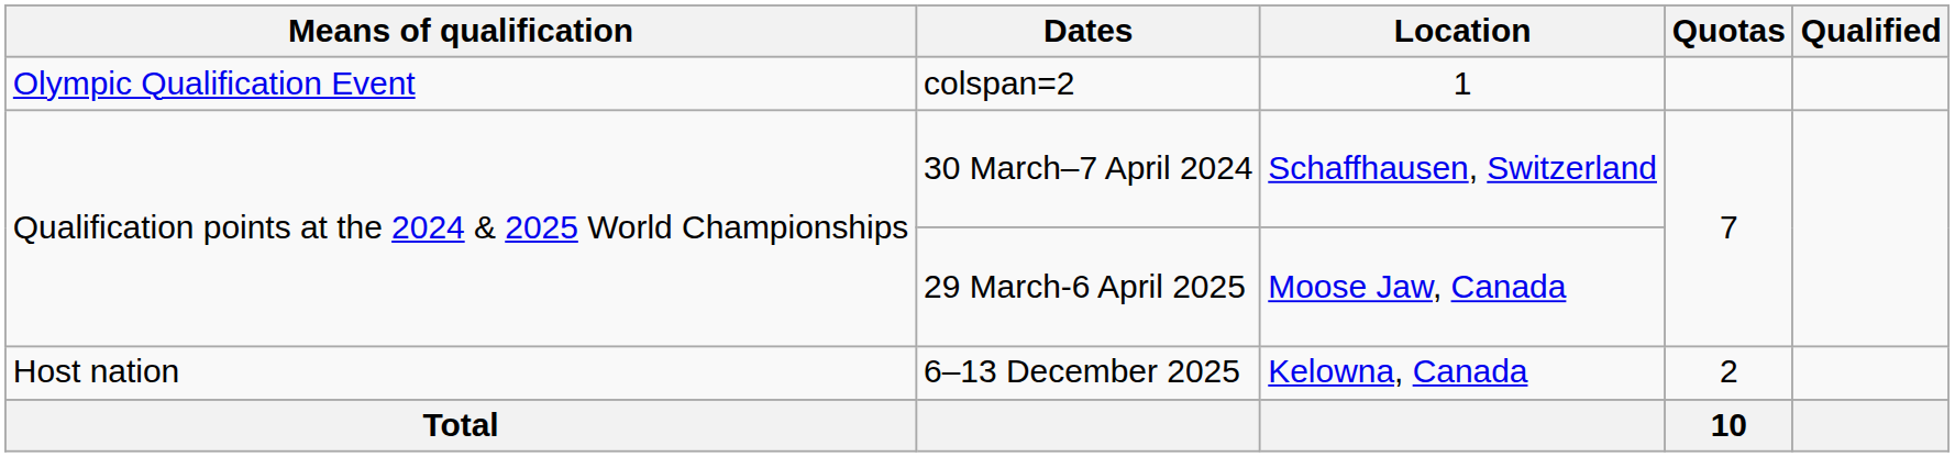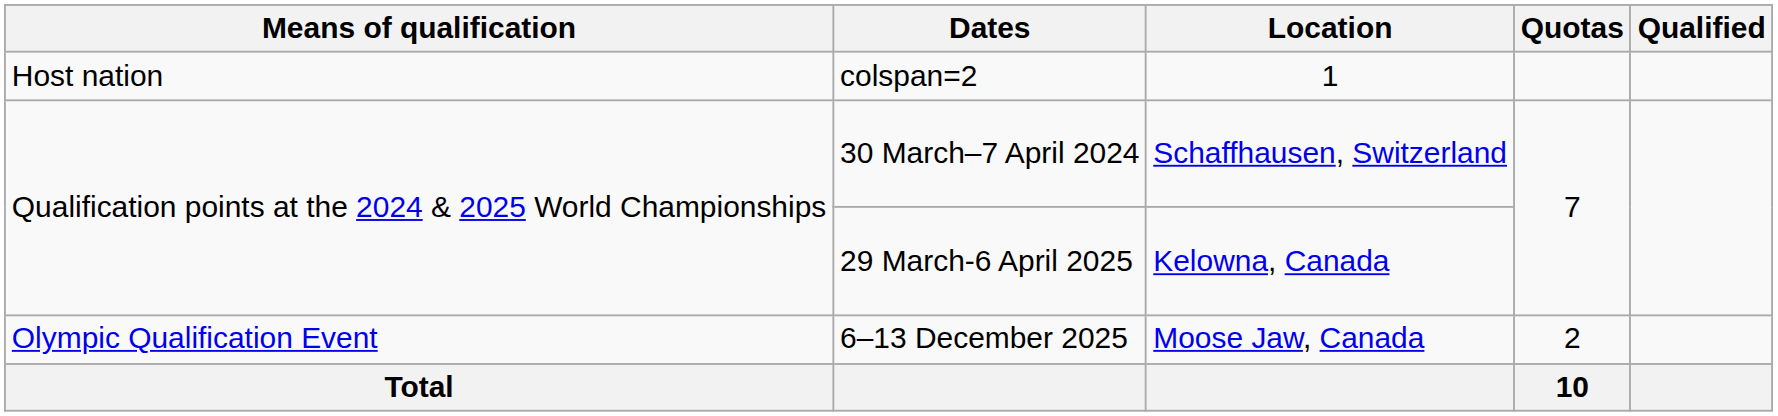 <table class="wikitable">
 <tr>
 <th>Means of qualification</th>
 <th>Dates</th>
 <th>Location</th>
 <th>Quotas</th>
 <th>Qualified</th>
 </tr>
 <tr>
-<td><a href='#'>Olympic Qualification Event</a></td>
+<td>Host nation</td>
 <td>colspan=2 </td>
 <td align=center>1</td>
 <td></td>
 </tr>
 <tr>
 <td rowspan=2>Qualification points at the <a href='#'>2024</a> & <a href='#'>2025</a> World Championships</td>
 <td>30 March–7 April 2024</td>
 <td> <a href='#'>Schaffhausen</a>, <a href='#'>Switzerland</a></td>
 <td rowspan=2 align=center>7</td>
 <td rowspan=2><br><br><br><br><br><br></td>
 </tr>
 <tr>
 <td>29 March-6 April 2025</td>
-<td> <a href='#'>Moose Jaw</a>, <a href='#'>Canada</a></td>
+<td> <a href='#'>Kelowna</a>, <a href='#'>Canada</a></td>
 </tr>
 <tr>
-<td>Host nation</td>
+<td><a href='#'>Olympic Qualification Event</a></td>
 <td>6–13 December 2025</td>
-<td> <a href='#'>Kelowna</a>, <a href='#'>Canada</a></td>
+<td> <a href='#'>Moose Jaw</a>, <a href='#'>Canada</a></td>
 <td align=center>2</td>
 <td></td>
 </tr>
 <tr>
 <th>Total</th>
 <th></th>
 <th></th>
 <th>10</th>
 <th></th>
 </tr>
 </table>
